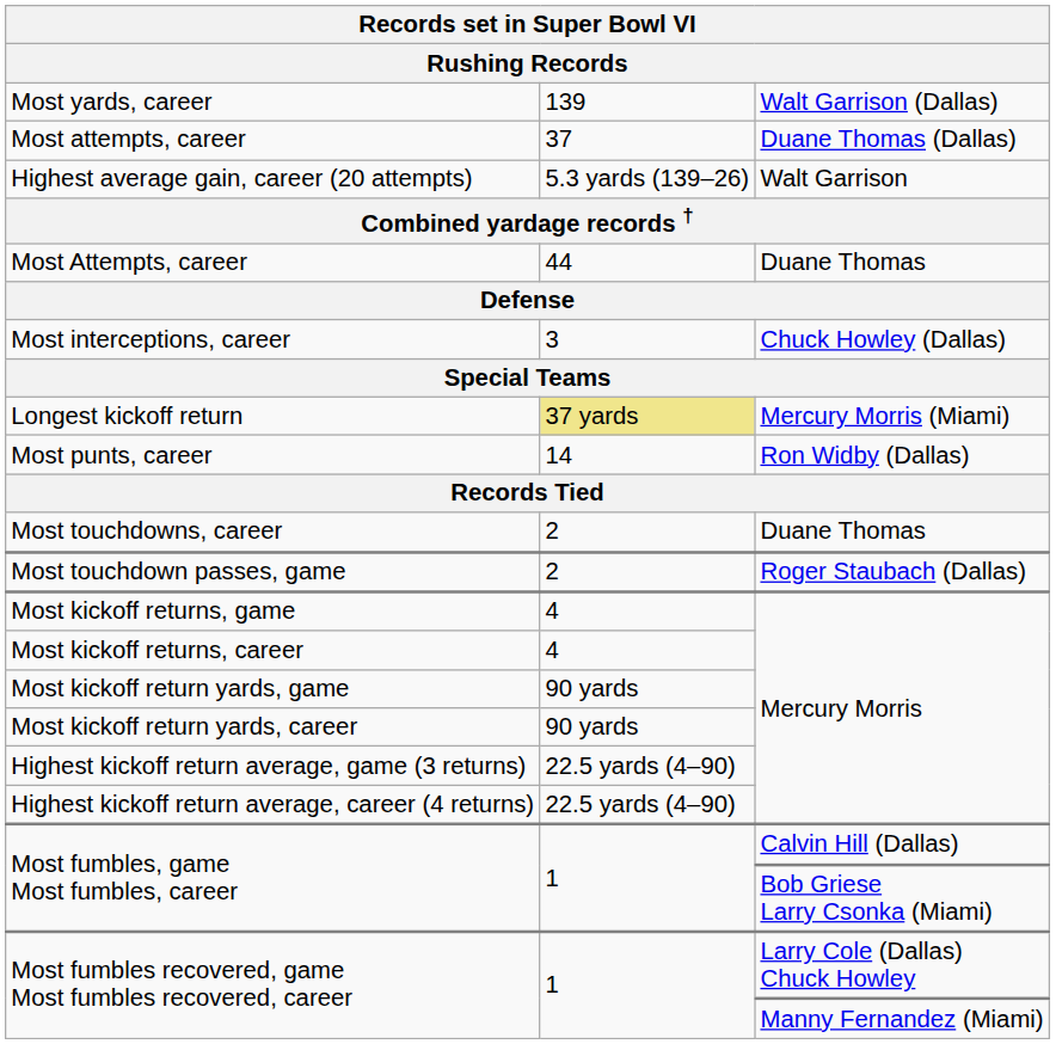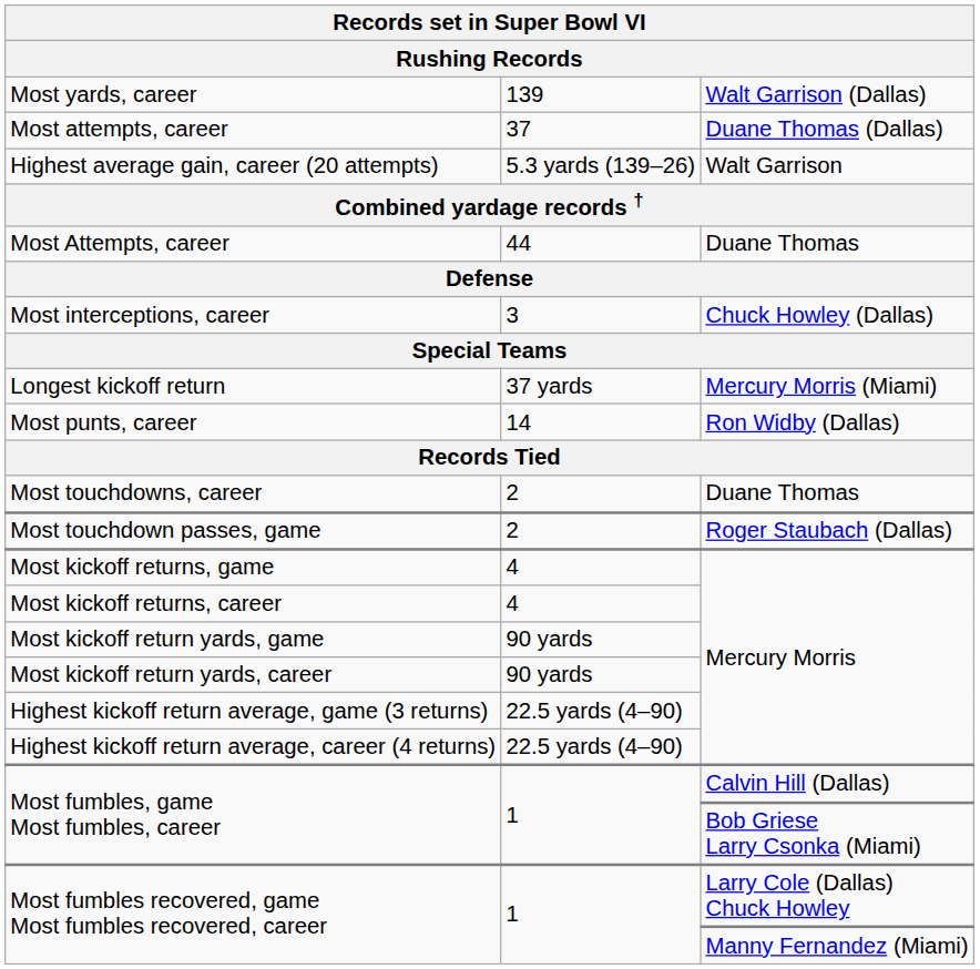 <table class="wikitable">
 <tr>
 <th colspan=3>Records set in Super Bowl VI</th>
 </tr>
 <tr>
 <th colspan=3>Rushing Records</th>
 </tr>
 <tr>
 <td>Most yards, career</td>
 <td>139</td>
 <td><a href='#'>Walt Garrison</a> (Dallas)</td>
 </tr>
 <tr>
 <td>Most attempts, career</td>
 <td>37</td>
 <td><a href='#'>Duane Thomas</a> (Dallas)</td>
 </tr>
 <tr>
 <td>Highest average gain, career (20 attempts)</td>
 <td>5.3 yards  (139–26)</td>
 <td>Walt Garrison</td>
 </tr>
 <tr>
 <th colspan=3>Combined yardage records <sup>†</sup></th>
 </tr>
 <tr>
 <td>Most Attempts, career</td>
 <td>44</td>
 <td>Duane Thomas</td>
 </tr>
 <tr>
 <th colspan=3>Defense</th>
 </tr>
 <tr>
 <td>Most interceptions, career</td>
 <td>3</td>
 <td><a href='#'>Chuck Howley</a> (Dallas)</td>
 </tr>
 <tr>
 <th colspan=3>Special Teams</th>
 </tr>
 <tr>
 <td>Longest kickoff return</td>
-<td style="background: khaki;">37 yards</td>
+<td>37 yards</td>
 <td><a href='#'>Mercury Morris</a> (Miami)</td>
 </tr>
 <tr>
 <td>Most punts, career</td>
 <td>14</td>
 <td><a href='#'>Ron Widby</a> (Dallas)</td>
 </tr>
 <tr>
 <th colspan=3>Records Tied</th>
 </tr>
 <tr style="border-bottom: 2px solid gray">
 <td>Most touchdowns, career</td>
 <td>2</td>
 <td>Duane Thomas</td>
 </tr>
 <tr style="border-bottom: 2px solid gray">
 <td>Most touchdown passes, game</td>
 <td>2</td>
 <td><a href='#'>Roger Staubach</a> (Dallas)</td>
 </tr>
 <tr>
 <td>Most kickoff returns, game</td>
 <td>4</td>
 <td rowspan=6>Mercury Morris</td>
 </tr>
 <tr>
 <td>Most kickoff returns, career</td>
 <td>4</td>
 </tr>
 <tr>
 <td>Most kickoff return yards, game</td>
 <td>90 yards</td>
 </tr>
 <tr>
 <td>Most kickoff return yards, career</td>
 <td>90 yards</td>
 </tr>
 <tr>
 <td>Highest kickoff return average, game (3 returns)</td>
 <td>22.5 yards (4–90)</td>
 </tr>
 <tr style="border-bottom: 2px solid gray">
 <td>Highest kickoff return average, career (4 returns)</td>
 <td>22.5 yards (4–90)</td>
 </tr>
 <tr>
 <td rowspan=2>Most fumbles, game<br>Most fumbles, career</td>
 <td rowspan=2>1</td>
 <td style="border-bottom: 2px solid gray"><a href='#'>Calvin Hill</a> (Dallas)</td>
 </tr>
 <tr style="border-bottom: 2px solid gray">
 <td><a href='#'>Bob Griese</a><br><a href='#'>Larry Csonka</a> (Miami)</td>
 </tr>
 <tr>
 <td rowspan=2>Most fumbles recovered, game <br>Most fumbles recovered, career</td>
 <td rowspan=2>1</td>
 <td style="border-bottom: 2px solid gray"><a href='#'>Larry Cole</a> (Dallas)<br><a href='#'>Chuck Howley</a></td>
 </tr>
 <tr>
 <td><a href='#'>Manny Fernandez</a> (Miami)</td>
 </tr>
 </table>
